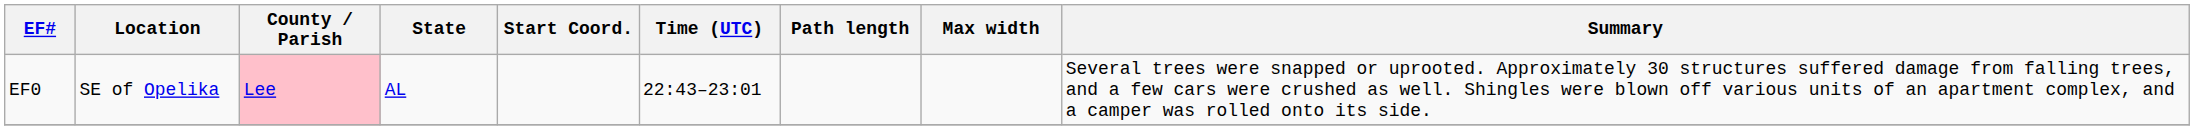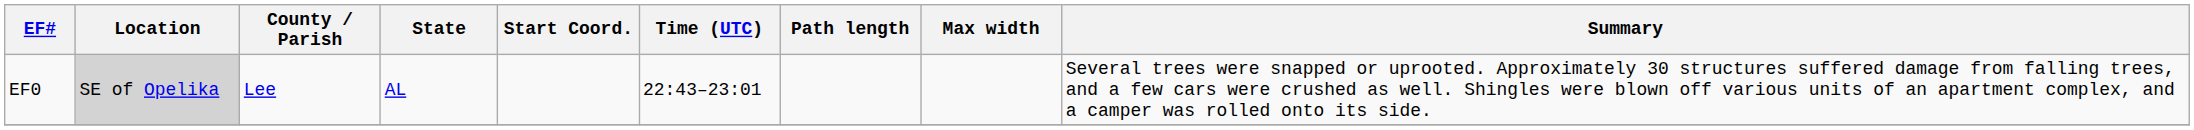 <table class="wikitable sortable" style="width:100%;">
 <tr>
 <th scope="col"  style="width:3%; text-align:center;"><a href='#'>EF#</a></th>
 <th scope="col"  style="width:7%; text-align:center;" class="unsortable">Location</th>
 <th scope="col"  style="width:6%; text-align:center;" class="unsortable">County / Parish</th>
 <th scope="col"  style="width:5%; text-align:center;">State</th>
 <th scope="col"  style="width:6%; text-align:center;">Start Coord.</th>
 <th scope="col"  style="width:6%; text-align:center;">Time (<a href='#'>UTC</a>)</th>
 <th scope="col"  style="width:6%; text-align:center;">Path length</th>
 <th scope="col"  style="width:6%; text-align:center;">Max width</th>
 <th scope="col" class="unsortable" style="width:48%; text-align:center;">Summary</th>
 </tr>
 <tr>
 <td bgcolor=>EF0</td>
-<td>SE of <a href='#'>Opelika</a></td>
-<td style="background: pink;"><a href='#'>Lee</a></td>
+<td style="background: lightgrey;">SE of <a href='#'>Opelika</a></td>
+<td><a href='#'>Lee</a></td>
 <td><a href='#'>AL</a></td>
 <td></td>
 <td>22:43–23:01</td>
 <td></td>
 <td></td>
 <td>Several trees were snapped or uprooted. Approximately 30 structures suffered damage from falling trees, and a few cars were crushed as well. Shingles were blown off various units of an apartment complex, and a camper was rolled onto its side.</td>
 </tr>
 <tr>
 </tr>
 </table>
